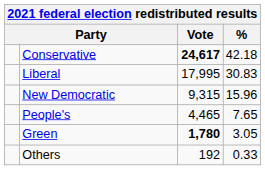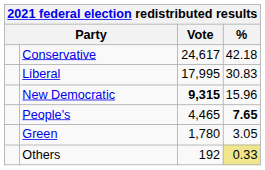 <table class="wikitable">
 <tr>
 <th colspan="4"><a href='#'>2021 federal election</a> redistributed results</th>
 </tr>
 <tr>
 <th bgcolor="#DDDDFF" width="130px" colspan="2">Party</th>
 <th bgcolor="#DDDDFF" width="50px">Vote</th>
 <th bgcolor="#DDDDFF" width="30px">%</th>
 </tr>
 <tr>
 <td> </td>
 <td><a href='#'>Conservative</a></td>
-<td align=right><strong>24,617</strong></td>
+<td align=right>24,617</td>
 <td align=right>42.18</td>
 </tr>
 <tr>
 <td> </td>
 <td><a href='#'>Liberal</a></td>
 <td align=right>17,995</td>
 <td align=right>30.83</td>
 </tr>
 <tr>
 <td> </td>
 <td><a href='#'>New Democratic</a></td>
-<td align=right>9,315</td>
+<td align=right><strong>9,315</strong></td>
 <td align=right>15.96</td>
 </tr>
 <tr>
 <td> </td>
 <td><a href='#'>People's</a></td>
 <td align=right>4,465</td>
-<td align=right>7.65</td>
+<td align=right><strong>7.65</strong></td>
 </tr>
 <tr>
 <td> </td>
 <td><a href='#'>Green</a></td>
-<td align=right><strong>1,780</strong></td>
+<td align=right>1,780</td>
 <td align=right>3.05</td>
 </tr>
 <tr>
 <td> </td>
 <td>Others</td>
 <td align=right>192</td>
-<td align=right>0.33</td>
+<td align=right style="background: khaki;">0.33</td>
 </tr>
 </table>
